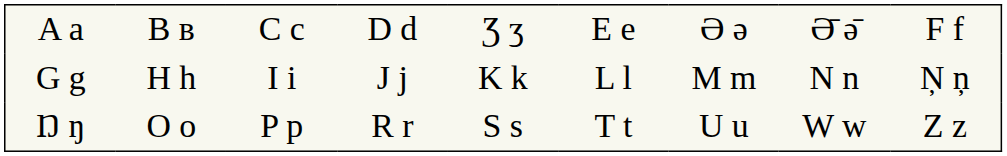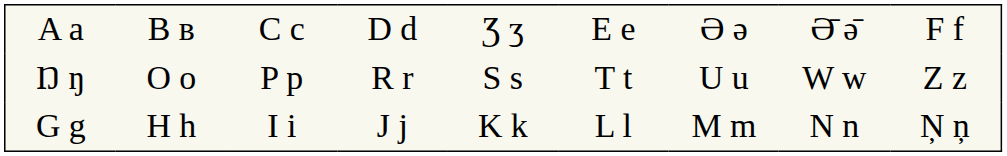 <table style="font-family:Times New Roman; font-size:1.4em; border-color:black; border-width:1px; border-style:solid; border-collapse:collapse; background-color:#F8F8EF">
 <tr>
 <td style="width:3em; text-align:center; padding: 3px;">A a</td>
 <td style="width:3em; text-align:center; padding: 3px;">B в</td>
 <td style="width:3em; text-align:center; padding: 3px;">C c</td>
 <td style="width:3em; text-align:center; padding: 3px;">D d</td>
 <td style="width:3em; text-align:center; padding: 3px;">Ʒ ʒ</td>
 <td style="width:3em; text-align:center; padding: 3px;">E e</td>
 <td style="width:3em; text-align:center; padding: 3px;">Ə ə</td>
 <td style="width:3em; text-align:center; padding: 3px;">Ə̄ ə̄</td>
 <td style="width:3em; text-align:center; padding: 3px;">F f</td>
 </tr>
 <tr>
+<td style="width:3em; text-align:center; padding: 3px;">Ŋ ŋ</td>
+<td style="width:3em; text-align:center; padding: 3px;">O o</td>
+<td style="width:3em; text-align:center; padding: 3px;">P p</td>
+<td style="width:3em; text-align:center; padding: 3px;">R r</td>
+<td style="width:3em; text-align:center; padding: 3px;">S s</td>
+<td style="width:3em; text-align:center; padding: 3px;">T t</td>
+<td style="width:3em; text-align:center; padding: 3px;">U u</td>
+<td style="width:3em; text-align:center; padding: 3px;">W w</td>
+<td style="width:3em; text-align:center; padding: 3px;">Z z</td>
+</tr>
+<tr>
 <td style="width:3em; text-align:center; padding: 3px;">G g</td>
 <td style="width:3em; text-align:center; padding: 3px;">H h</td>
 <td style="width:3em; text-align:center; padding: 3px;">I i</td>
 <td style="width:3em; text-align:center; padding: 3px;">J j</td>
 <td style="width:3em; text-align:center; padding: 3px;">K k</td>
 <td style="width:3em; text-align:center; padding: 3px;">L l</td>
 <td style="width:3em; text-align:center; padding: 3px;">M m</td>
 <td style="width:3em; text-align:center; padding: 3px;">N n</td>
 <td style="width:3em; text-align:center; padding: 3px;">Ņ ņ</td>
 </tr>
-<tr>
-<td style="width:3em; text-align:center; padding: 3px;">Ŋ ŋ</td>
-<td style="width:3em; text-align:center; padding: 3px;">O o</td>
-<td style="width:3em; text-align:center; padding: 3px;">P p</td>
-<td style="width:3em; text-align:center; padding: 3px;">R r</td>
-<td style="width:3em; text-align:center; padding: 3px;">S s</td>
-<td style="width:3em; text-align:center; padding: 3px;">T t</td>
-<td style="width:3em; text-align:center; padding: 3px;">U u</td>
-<td style="width:3em; text-align:center; padding: 3px;">W w</td>
-<td style="width:3em; text-align:center; padding: 3px;">Z z</td>
-</tr>
 </table>
